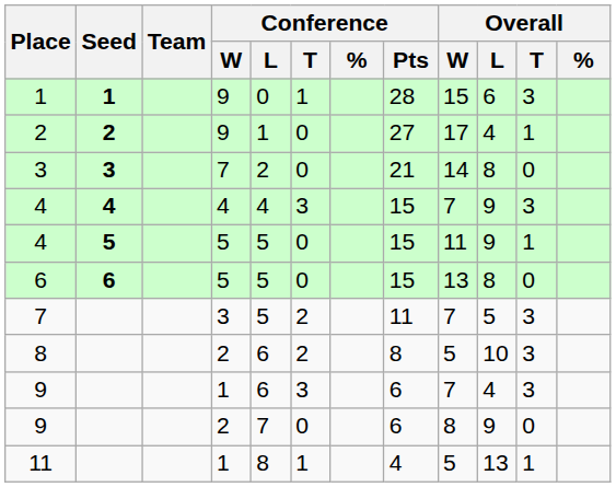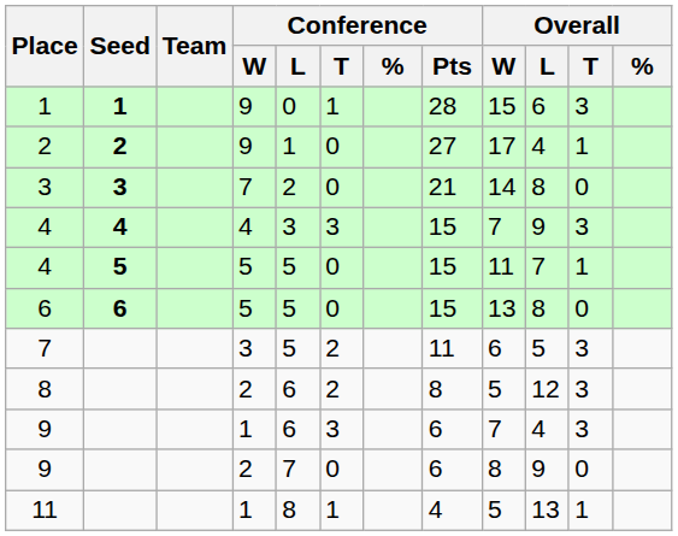 <table class="wikitable">
 <tr>
 <th rowspan ="2">Place</th>
 <th rowspan ="2">Seed</th>
 <th rowspan ="2">Team</th>
 <th colspan = "5">Conference</th>
 <th colspan = "4">Overall</th>
 </tr>
 <tr>
 <th scope="col" style="width: 20px;">W</th>
 <th scope="col" style="width: 20px;">L</th>
 <th scope="col" style="width: 20px;">T</th>
 <th scope="col" style="width: 30px;">%</th>
 <th scope="col" style="width: 30px;">Pts</th>
 <th scope="col" style="width: 20px;">W</th>
 <th scope="col" style="width: 20px;">L</th>
 <th scope="col" style="width: 20px;">T</th>
 <th scope="col" style="width: 30px;">%</th>
 </tr>
 <tr bgcolor=#ccffcc>
 <td style="text-align:center;">1</td>
 <td style="text-align:center;"><strong>1</strong></td>
 <td></td>
 <td>9</td>
 <td>0</td>
 <td>1</td>
 <td></td>
 <td>28</td>
 <td>15</td>
 <td>6</td>
 <td>3</td>
 <td></td>
 </tr>
 <tr bgcolor=#ccffcc>
 <td style="text-align:center;">2</td>
 <td style="text-align:center;"><strong>2</strong></td>
 <td></td>
 <td>9</td>
 <td>1</td>
 <td>0</td>
 <td></td>
 <td>27</td>
 <td>17</td>
 <td>4</td>
 <td>1</td>
 <td></td>
 </tr>
 <tr bgcolor=#ccffcc>
 <td style="text-align:center;">3</td>
 <td style="text-align:center;"><strong>3</strong></td>
 <td></td>
 <td>7</td>
 <td>2</td>
 <td>0</td>
 <td></td>
 <td>21</td>
 <td>14</td>
 <td>8</td>
 <td>0</td>
 <td></td>
 </tr>
 <tr bgcolor=#ccffcc>
 <td style="text-align:center;">4</td>
 <td style="text-align:center;"><strong>4</strong></td>
 <td></td>
 <td>4</td>
-<td>4</td>
+<td>3</td>
 <td>3</td>
 <td></td>
 <td>15</td>
 <td>7</td>
 <td>9</td>
 <td>3</td>
 <td></td>
 </tr>
 <tr bgcolor=#ccffcc>
 <td style="text-align:center;">4</td>
 <td style="text-align:center;"><strong>5</strong></td>
 <td></td>
 <td>5</td>
 <td>5</td>
 <td>0</td>
 <td></td>
 <td>15</td>
 <td>11</td>
-<td>9</td>
+<td>7</td>
 <td>1</td>
 <td></td>
 </tr>
 <tr bgcolor=#ccffcc>
 <td style="text-align:center;">6</td>
 <td style="text-align:center;"><strong>6</strong></td>
 <td></td>
 <td>5</td>
 <td>5</td>
 <td>0</td>
 <td></td>
 <td>15</td>
 <td>13</td>
 <td>8</td>
 <td>0</td>
 <td></td>
 </tr>
 <tr>
 <td style="text-align:center;">7</td>
 <td style="text-align:center;"></td>
 <td></td>
 <td>3</td>
 <td>5</td>
 <td>2</td>
 <td></td>
 <td>11</td>
-<td>7</td>
+<td>6</td>
 <td>5</td>
 <td>3</td>
 <td></td>
 </tr>
 <tr>
 <td style="text-align:center;">8</td>
 <td style="text-align:center;"></td>
 <td></td>
 <td>2</td>
 <td>6</td>
 <td>2</td>
 <td></td>
 <td>8</td>
 <td>5</td>
-<td>10</td>
+<td>12</td>
 <td>3</td>
 <td></td>
 </tr>
 <tr>
 <td style="text-align:center;">9</td>
 <td style="text-align:center;"></td>
 <td></td>
 <td>1</td>
 <td>6</td>
 <td>3</td>
 <td></td>
 <td>6</td>
 <td>7</td>
 <td>4</td>
 <td>3</td>
 <td></td>
 </tr>
 <tr>
 <td style="text-align:center;">9</td>
 <td style="text-align:center;"></td>
 <td></td>
 <td>2</td>
 <td>7</td>
 <td>0</td>
 <td></td>
 <td>6</td>
 <td>8</td>
 <td>9</td>
 <td>0</td>
 <td></td>
 </tr>
 <tr>
 <td style="text-align:center;">11</td>
 <td style="text-align:center;"></td>
 <td></td>
 <td>1</td>
 <td>8</td>
 <td>1</td>
 <td></td>
 <td>4</td>
 <td>5</td>
 <td>13</td>
 <td>1</td>
 <td></td>
 </tr>
 </table>
